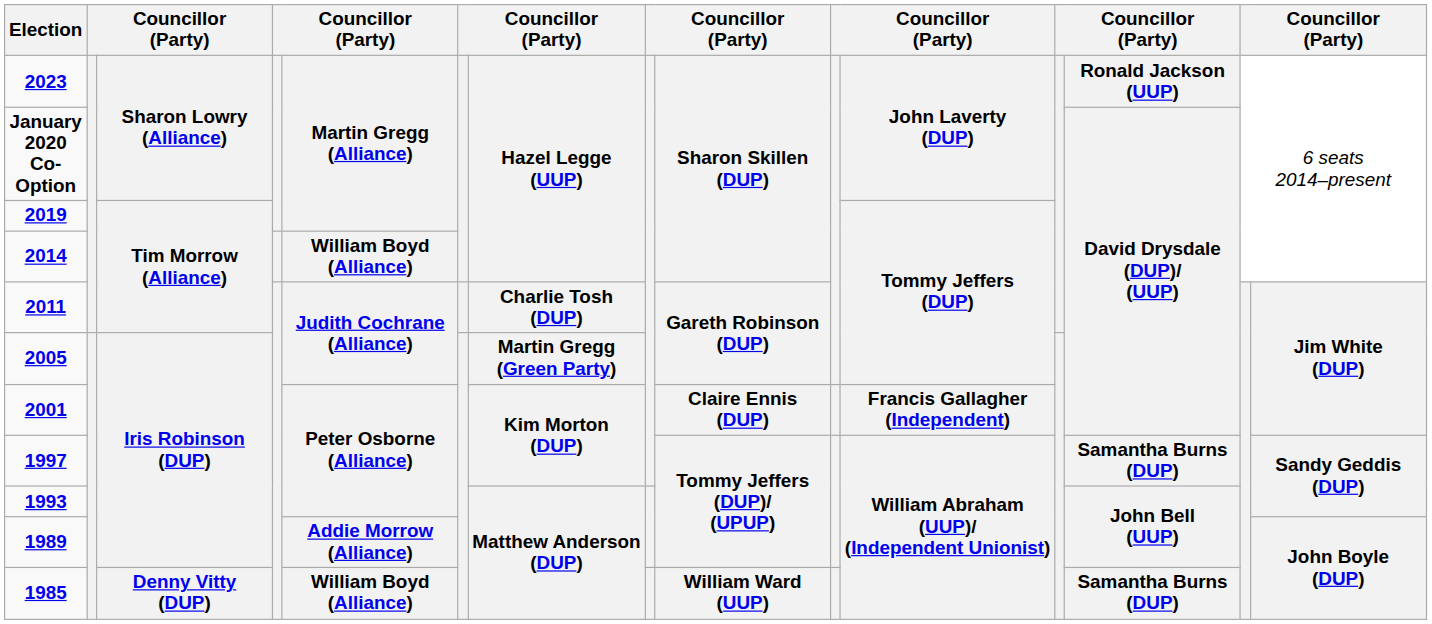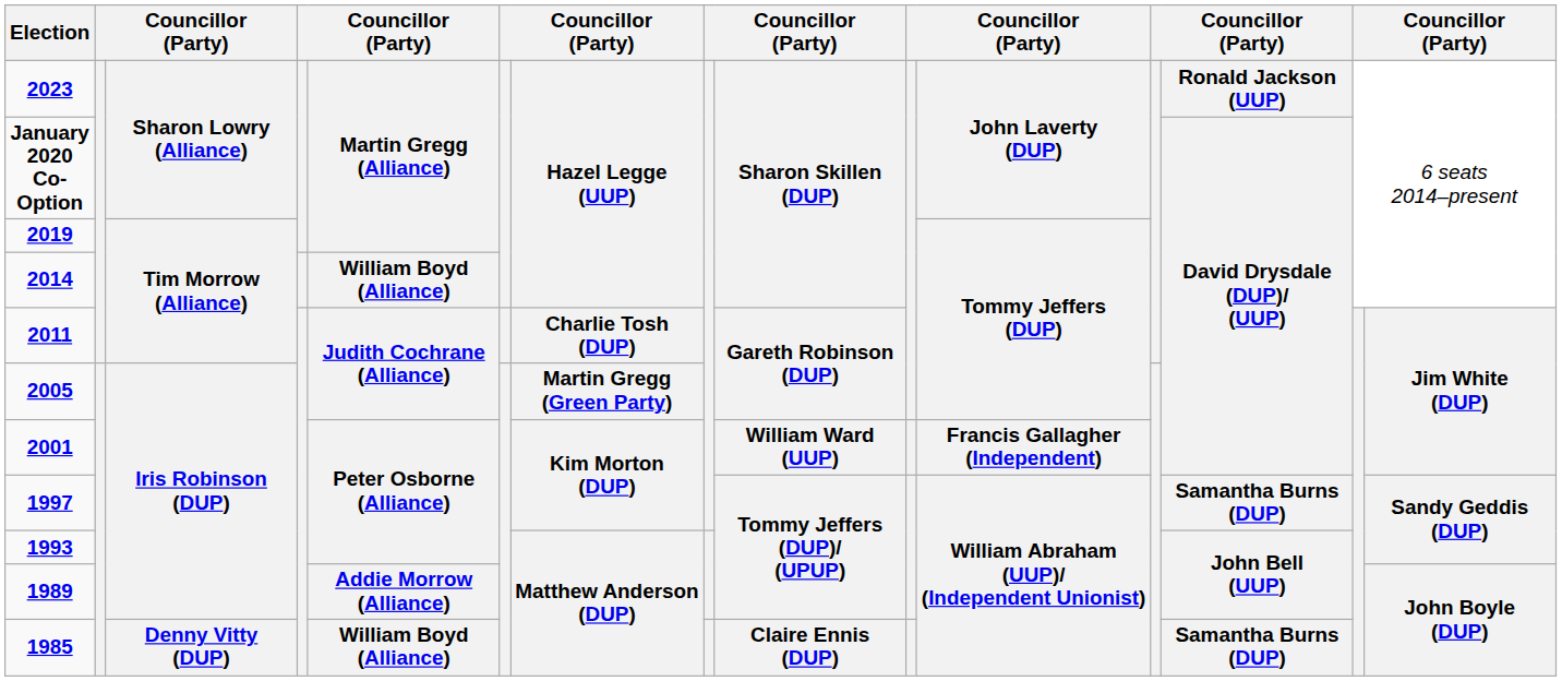 <table class="wikitable" style="text-align:center">
 <tr>
 <th scope="col" width="50">Election</th>
 <th scope="col" width="150" colspan = "2">Councillor<br> (Party)</th>
 <th scope="col" width="150" colspan = "2">Councillor<br> (Party)</th>
 <th scope="col" width="150" colspan = "2">Councillor<br> (Party)</th>
 <th scope="col" width="150" colspan = "2">Councillor<br> (Party)</th>
 <th scope="col" width="150" colspan = "2">Councillor<br> (Party)</th>
 <th scope="col" width="150" colspan = "2">Councillor<br> (Party)</th>
 <th scope="col" width="150" colspan = "2">Councillor<br> (Party)</th>
 </tr>
 <tr>
 <td><strong><a href='#'>2023</a></strong></td>
 <th rowspan="5" width="1" style="background-color: "></th>
 <th rowspan = "2">Sharon Lowry <br> (<a href='#'>Alliance</a>)</th>
 <th rowspan="3" width="1" style="background-color: "></th>
 <th rowspan = "3">Martin Gregg <br> (<a href='#'>Alliance</a>)</th>
 <th rowspan="4" width="1" style="background-color: "></th>
 <th rowspan = "4">Hazel Legge <br> (<a href='#'>UUP</a>)</th>
 <th rowspan="8" width="1" style="background-color: "></th>
 <th rowspan = "4">Sharon Skillen <br> (<a href='#'>DUP</a>)</th>
 <th rowspan="6" width="1" style="background-color: "></th>
 <th rowspan = "2">John Laverty <br> (<a href='#'>DUP</a>)</th>
 <th rowspan="5" width="1" style="background-color: "></th>
 <th rowspan = "1">Ronald Jackson <br> (<a href='#'>UUP</a>)</th>
 <td colspan="4" rowspan="4" style="background-color:#FFFFFF"><em>6 seats<br>2014–present</em></td>
 </tr>
 <tr>
 <td><strong>January 2020 Co-Option</strong></td>
 <th rowspan = "6">David Drysdale <br> (<a href='#'>DUP</a>)/ <br> (<a href='#'>UUP</a>)</th>
 </tr>
 <tr>
 <td><strong><a href='#'>2019</a></strong></td>
 <th rowspan = "3">Tim Morrow <br> (<a href='#'>Alliance</a>)</th>
 <th rowspan = "4">Tommy Jeffers <br> (<a href='#'>DUP</a>)</th>
 </tr>
 <tr>
 <td><strong><a href='#'>2014</a></strong></td>
 <th rowspan="1" width="1" style="background-color: "></th>
 <th rowspan = "1">William Boyd <br> (<a href='#'>Alliance</a>)</th>
 </tr>
 <tr>
 <td><strong><a href='#'>2011</a></strong></td>
 <th rowspan="7" width="1" style="background-color: "></th>
 <th rowspan = "2"><a href='#'>Judith Cochrane</a> <br> (<a href='#'>Alliance</a>)</th>
 <th rowspan="1" width="1" style="background-color: "></th>
 <th rowspan = "1">Charlie Tosh <br> (<a href='#'>DUP</a>)</th>
 <th rowspan = "2">Gareth Robinson <br> (<a href='#'>DUP</a>)</th>
 <th rowspan="7" width="1" style="background-color: "></th>
 <th rowspan = "3">Jim White <br> (<a href='#'>DUP</a>)</th>
 </tr>
 <tr>
 <td><strong><a href='#'>2005</a></strong></td>
 <th rowspan="6" width="1" style="background-color: "></th>
 <th rowspan = "5"><a href='#'>Iris Robinson</a> <br> (<a href='#'>DUP</a>)</th>
 <th rowspan="6" width="1" style="background-color: "></th>
 <th rowspan = "1">Martin Gregg <br> (<a href='#'>Green Party</a>)</th>
 <th rowspan="6" width="1" style="background-color: "></th>
 </tr>
 <tr>
 <td><strong><a href='#'>2001</a></strong></td>
 <th rowspan = "3">Peter Osborne <br> (<a href='#'>Alliance</a>)</th>
 <th rowspan = "2">Kim Morton <br> (<a href='#'>DUP</a>)</th>
-<th rowspan = "1">Claire Ennis <br> (<a href='#'>DUP</a>)</th>
+<th rowspan = "1">William Ward <br> (<a href='#'>UUP</a>)</th>
 <th rowspan="1" width="1" style="background-color: "></th>
 <th rowspan = "1">Francis Gallagher <br> (<a href='#'>Independent</a>)</th>
 </tr>
 <tr>
 <td><strong><a href='#'>1997</a></strong></td>
 <th rowspan = "3">Tommy Jeffers <br> (<a href='#'>DUP</a>)/ <br> (<a href='#'>UPUP</a>)</th>
 <th rowspan="3" width="1" style="background-color: "></th>
 <th rowspan = "4">William Abraham <br> (<a href='#'>UUP</a>)/ <br> (<a href='#'>Independent Unionist</a>)</th>
 <th rowspan = "1">Samantha Burns <br> (<a href='#'>DUP</a>)</th>
 <th rowspan = "2">Sandy Geddis <br> (<a href='#'>DUP</a>)</th>
 </tr>
 <tr>
 <td><strong><a href='#'>1993</a></strong></td>
 <th rowspan = "3">Matthew Anderson <br> (<a href='#'>DUP</a>)</th>
 <th rowspan="2" width="1" style="background-color: "></th>
 <th rowspan = "2">John Bell <br> (<a href='#'>UUP</a>)</th>
 </tr>
 <tr>
 <td><strong><a href='#'>1989</a></strong></td>
 <th rowspan = "1"><a href='#'>Addie Morrow</a> <br> (<a href='#'>Alliance</a>)</th>
 <th rowspan = "2">John Boyle <br> (<a href='#'>DUP</a>)</th>
 </tr>
 <tr>
 <td><strong><a href='#'>1985</a></strong></td>
 <th rowspan = "1"><a href='#'>Denny Vitty</a> <br> (<a href='#'>DUP</a>)</th>
 <th rowspan = "1">William Boyd <br> (<a href='#'>Alliance</a>)</th>
 <th rowspan="1" width="1" style="background-color: "></th>
-<th rowspan = "1">William Ward <br> (<a href='#'>UUP</a>)</th>
+<th rowspan = "1">Claire Ennis <br> (<a href='#'>DUP</a>)</th>
 <th rowspan="1" width="1" style="background-color: "></th>
 <th rowspan = "1">Samantha Burns <br> (<a href='#'>DUP</a>)</th>
 </tr>
 </table>
